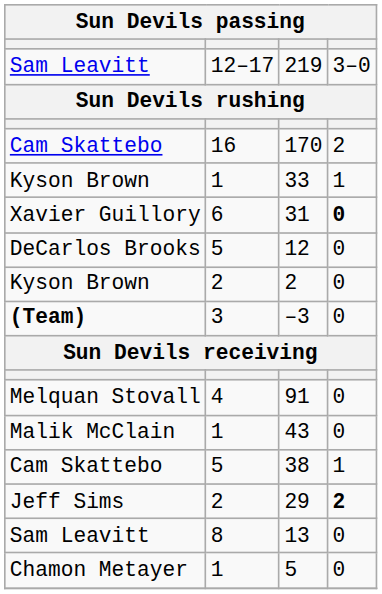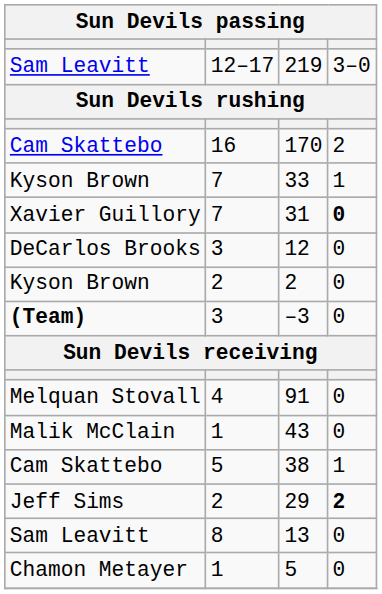 <table class="wikitable plainrowheaders">
 <tr>
 <th colspan="6">Sun Devils passing</th>
 </tr>
 <tr>
 <th scope="col"></th>
 <th scope="col"></th>
 <th scope="col"></th>
 <th scope="col"></th>
 </tr>
 <tr>
 <td><a href='#'>Sam Leavitt</a></td>
 <td>12–17</td>
 <td>219</td>
 <td>3–0</td>
 </tr>
 <tr>
 <th colspan="6">Sun Devils rushing</th>
 </tr>
 <tr>
 <th scope="col"></th>
 <th scope="col"></th>
 <th scope="col"></th>
 <th scope="col"></th>
 </tr>
 <tr>
 <td><a href='#'>Cam Skattebo</a></td>
 <td>16</td>
 <td>170</td>
 <td>2</td>
 </tr>
 <tr>
 <td>Kyson Brown</td>
-<td>1</td>
+<td>7</td>
 <td>33</td>
 <td>1</td>
 </tr>
 <tr>
 <td>Xavier Guillory</td>
-<td>6</td>
+<td>7</td>
 <td>31</td>
 <td><strong>0</strong></td>
 </tr>
 <tr>
 <td>DeCarlos Brooks</td>
-<td>5</td>
+<td>3</td>
 <td>12</td>
 <td>0</td>
 </tr>
 <tr>
 <td>Kyson Brown</td>
 <td>2</td>
 <td>2</td>
 <td>0</td>
 </tr>
 <tr>
 <td><strong>(Team)</strong></td>
 <td>3</td>
 <td>–3</td>
 <td>0</td>
 </tr>
 <tr>
 <th colspan="6">Sun Devils receiving</th>
 </tr>
 <tr>
 <th scope="col"></th>
 <th scope="col"></th>
 <th scope="col"></th>
 <th scope="col"></th>
 </tr>
 <tr>
 <td>Melquan Stovall</td>
 <td>4</td>
 <td>91</td>
 <td>0</td>
 </tr>
 <tr>
 <td>Malik McClain</td>
 <td>1</td>
 <td>43</td>
 <td>0</td>
 </tr>
 <tr>
 <td>Cam Skattebo</td>
 <td>5</td>
 <td>38</td>
 <td>1</td>
 </tr>
 <tr>
 <td>Jeff Sims</td>
 <td>2</td>
 <td>29</td>
 <td><strong>2</strong></td>
 </tr>
 <tr>
 <td>Sam Leavitt</td>
 <td>8</td>
 <td>13</td>
 <td>0</td>
 </tr>
 <tr>
 <td>Chamon Metayer</td>
 <td>1</td>
 <td>5</td>
 <td>0</td>
 </tr>
 <tr>
 </tr>
 </table>
